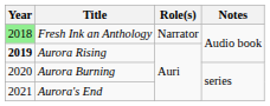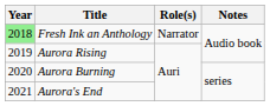 <table class="wikitable sortable">
 <tr>
 <th>Year</th>
 <th>Title</th>
 <th>Role(s)</th>
 <th class="unsortable">Notes</th>
 </tr>
 <tr>
 <td style="background: lightgreen;">2018</td>
 <td><em>Fresh Ink an Anthology</em></td>
 <td>Narrator</td>
 <td rowspan="2">Audio book</td>
 </tr>
 <tr>
-<td><strong>2019</strong></td>
+<td>2019</td>
 <td><em>Aurora Rising</em></td>
 <td rowspan="3">Auri</td>
 </tr>
 <tr>
 <td>2020</td>
 <td><em>Aurora Burning</em></td>
 <td rowspan="2">series</td>
 </tr>
 <tr>
 <td>2021</td>
 <td><em>Aurora's End</em></td>
 </tr>
 </table>
